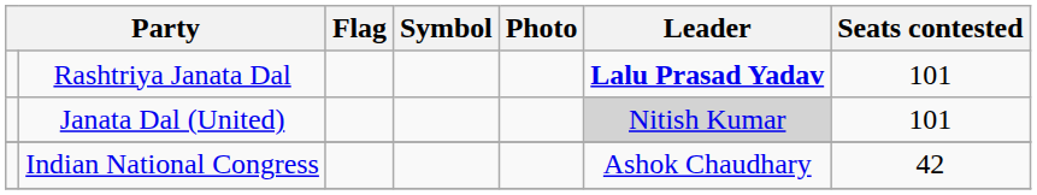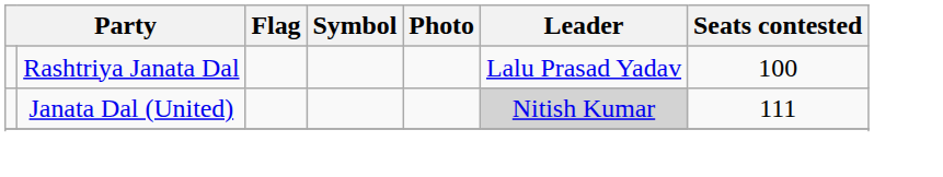 <table class="wikitable" style="text-align:center;">
 <tr>
 <th colspan="2">Party</th>
 <th>Flag</th>
 <th>Symbol</th>
 <th>Photo</th>
 <th>Leader</th>
 <th>Seats contested</th>
 </tr>
 <tr>
 <td></td>
 <td><a href='#'>Rashtriya Janata Dal</a></td>
 <td></td>
 <td></td>
 <td></td>
-<td><strong><a href='#'>Lalu Prasad Yadav</a></strong></td>
-<td>101</td>
+<td><a href='#'>Lalu Prasad Yadav</a></td>
+<td>100</td>
 </tr>
 <tr>
 <td></td>
 <td><a href='#'>Janata Dal (United)</a></td>
 <td></td>
 <td></td>
 <td></td>
 <td style="background: lightgrey;"><a href='#'>Nitish Kumar</a></td>
-<td>101</td>
+<td>111</td>
 </tr>
 <tr>
 </tr>
 <tr>
-<td></td>
-<td><a href='#'>Indian National Congress</a></td>
-<td></td>
-<td></td>
-<td></td>
-<td><a href='#'>Ashok Chaudhary</a></td>
-<td>42</td>
-</tr>
-<tr>
 </tr>
 </table>
